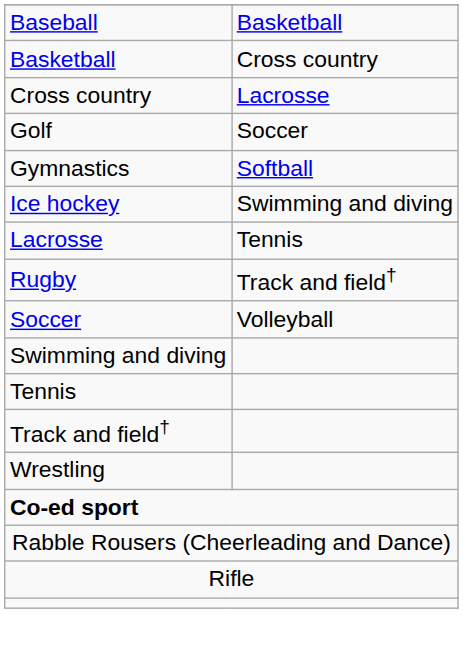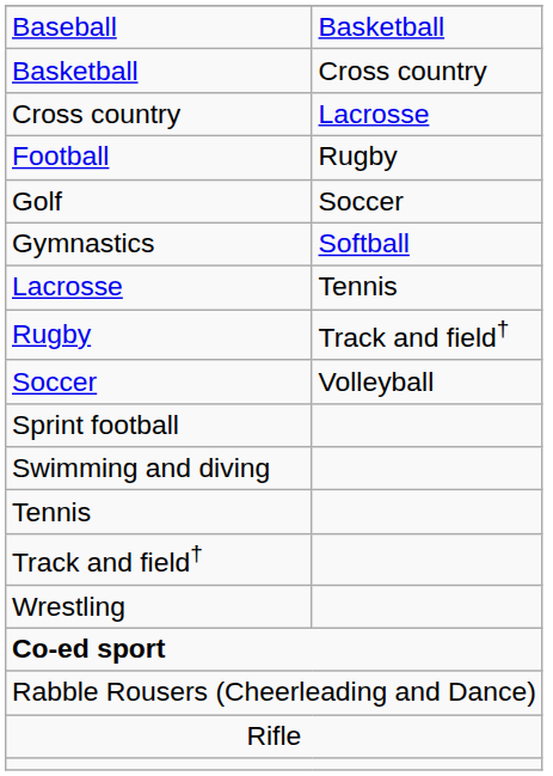 <table class="wikitable" style=" ;">
 <tr>
 </tr>
 <tr>
 <td><a href='#'>Baseball</a></td>
 <td><a href='#'>Basketball</a></td>
 </tr>
 <tr>
 <td><a href='#'>Basketball</a></td>
 <td>Cross country</td>
 </tr>
 <tr>
 <td>Cross country</td>
 <td><a href='#'>Lacrosse</a></td>
 </tr>
 <tr>
+<td><a href='#'>Football</a></td>
+<td>Rugby</td>
+</tr>
+<tr>
 <td>Golf</td>
 <td>Soccer</td>
 </tr>
 <tr>
 <td>Gymnastics</td>
 <td><a href='#'>Softball</a></td>
-</tr>
-<tr>
-<td><a href='#'>Ice hockey</a></td>
-<td>Swimming and diving</td>
 </tr>
 <tr>
 <td><a href='#'>Lacrosse</a></td>
 <td>Tennis</td>
 </tr>
 <tr>
 <td><a href='#'>Rugby</a></td>
 <td>Track and field<sup>†</sup></td>
 </tr>
 <tr>
 <td><a href='#'>Soccer</a></td>
 <td>Volleyball</td>
+</tr>
+<tr>
+<td>Sprint football</td>
+<td></td>
 </tr>
 <tr>
 <td>Swimming and diving</td>
 <td></td>
 </tr>
 <tr>
 <td>Tennis</td>
 <td></td>
 </tr>
 <tr>
 <td>Track and field<sup>†</sup></td>
 <td></td>
 </tr>
 <tr>
 <td>Wrestling</td>
 <td></td>
 </tr>
 <tr>
 <td colspan="2"><strong>Co-ed sport</strong></td>
 </tr>
 <tr style="text-align:center">
 <td colspan="2">Rabble Rousers (Cheerleading and Dance)</td>
 </tr>
 <tr style="text-align:center">
 <td colspan="2">Rifle</td>
 </tr>
 <tr>
 <td colspan="2"></td>
 </tr>
 </table>
